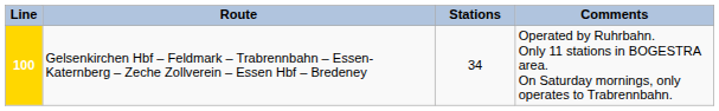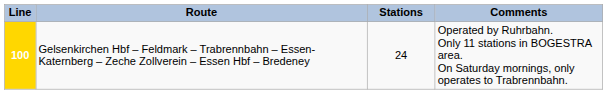 <table class="wikitable">
 <tr>
 <th style="background: lightsteelblue;" width="40px">Line</th>
 <th style="background: lightsteelblue;" width="585px">Route</th>
 <th style="background: lightsteelblue;" width="100px">Stations</th>
 <th style="background: lightsteelblue;" width="275px">Comments</th>
 </tr>
 <tr>
 <td style="background-color:#FFD700; text-align:center; font-weight:bold; color:white;">100 </td>
 <td>Gelsenkirchen Hbf – Feldmark – Trabrennbahn – Essen-Katernberg – Zeche Zollverein – Essen Hbf – Bredeney</td>
-<td style="text-align:center;">34</td>
+<td style="text-align:center;">24</td>
 <td>Operated by Ruhrbahn.<br>Only 11 stations in BOGESTRA area.<br>On Saturday mornings, only operates to Trabrennbahn.</td>
 </tr>
 </table>
